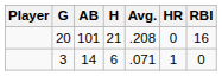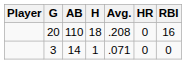 <table class="wikitable sortable">
 <tr>
 <th>Player</th>
 <th>G</th>
 <th>AB</th>
 <th>H</th>
 <th>Avg.</th>
 <th>HR</th>
 <th>RBI</th>
 </tr>
 <tr align="center">
 <td></td>
 <td>20</td>
-<td>101</td>
-<td>21</td>
+<td>110</td>
+<td>18</td>
 <td>.208</td>
 <td>0</td>
 <td>16</td>
 </tr>
 <tr align="center">
 <td></td>
 <td>3</td>
 <td>14</td>
-<td>6</td>
+<td>1</td>
 <td>.071</td>
-<td>1</td>
+<td>0</td>
 <td>0</td>
 </tr>
 </table>
